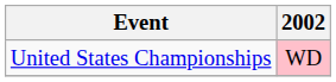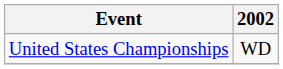 <table class="wikitable">
 <tr>
 <th>Event</th>
 <th>2002</th>
 </tr>
 <tr>
 <td><a href='#'>United States Championships</a></td>
-<td align="center" style="background: pink;">WD</td>
+<td align="center">WD</td>
 </tr>
 <tr>
 </tr>
 </table>
